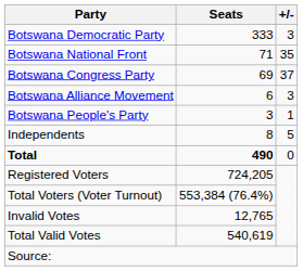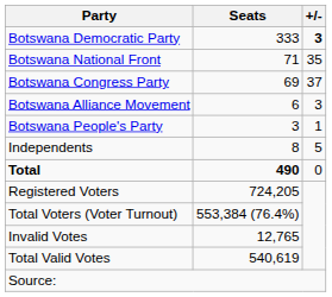 <table class=wikitable style=text-align:right>
 <tr>
 <th>Party</th>
 <th>Seats</th>
 <th>+/-</th>
 </tr>
 <tr>
 <td align=left><a href='#'>Botswana Democratic Party</a></td>
 <td>333</td>
-<td>3</td>
+<td><strong>3</strong></td>
 </tr>
 <tr>
 <td align=left><a href='#'>Botswana National Front</a></td>
 <td>71</td>
 <td>35</td>
 </tr>
 <tr>
 <td align=left><a href='#'>Botswana Congress Party</a></td>
 <td>69</td>
 <td>37</td>
 </tr>
 <tr>
 <td align=left><a href='#'>Botswana Alliance Movement</a></td>
 <td>6</td>
 <td>3</td>
 </tr>
 <tr>
 <td align=left><a href='#'>Botswana People's Party</a></td>
 <td>3</td>
 <td>1</td>
 </tr>
 <tr>
 <td align=left>Independents</td>
 <td>8</td>
 <td>5</td>
 </tr>
 <tr>
 <td align=left><strong>Total</strong></td>
 <td><strong>490</strong></td>
 <td>0</td>
 </tr>
 <tr>
 <td align=left>Registered Voters</td>
 <td>724,205</td>
 </tr>
 <tr>
 <td align=left>Total Voters (Voter Turnout)</td>
 <td>553,384 (76.4%)</td>
 </tr>
 <tr>
 <td align=left>Invalid Votes</td>
 <td>12,765</td>
 </tr>
 <tr>
 <td align=left>Total Valid Votes</td>
 <td>540,619</td>
 </tr>
 <tr>
 <td colspan=4 align=left>Source: </td>
 </tr>
 </table>
